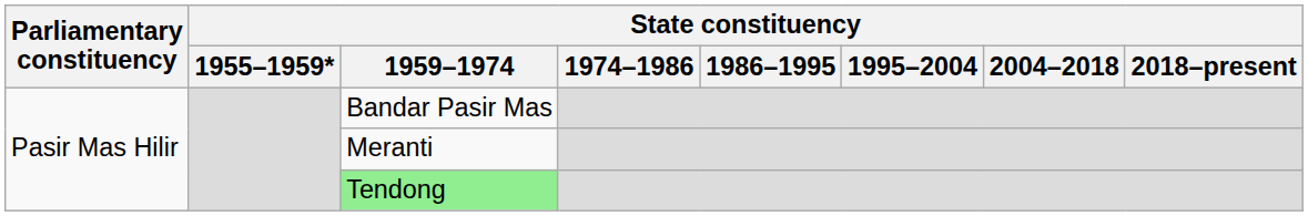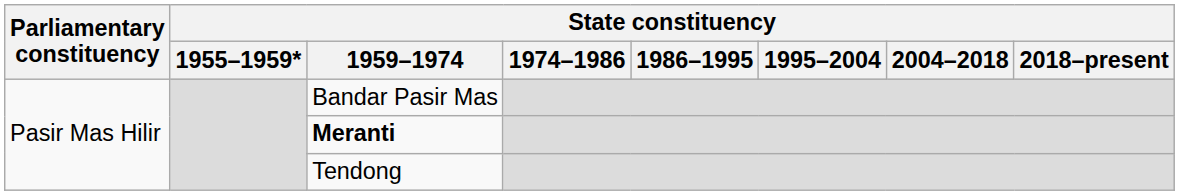 <table class="wikitable">
 <tr>
 <th rowspan="2">Parliamentary<br>constituency</th>
 <th colspan="7">State constituency</th>
 </tr>
 <tr>
 <th>1955–1959*</th>
 <th>1959–1974</th>
 <th>1974–1986</th>
 <th>1986–1995</th>
 <th>1995–2004</th>
 <th>2004–2018</th>
 <th>2018–present</th>
 </tr>
 <tr>
 <td rowspan="3">Pasir Mas Hilir</td>
 <td rowspan="3" bgcolor="dcdcdc"></td>
 <td>Bandar Pasir Mas</td>
 <td colspan="5" bgcolor="dcdcdc"></td>
 </tr>
 <tr>
-<td>Meranti</td>
+<td><strong>Meranti</strong></td>
 <td colspan="5" bgcolor="dcdcdc"></td>
 </tr>
 <tr>
-<td style="background: lightgreen;">Tendong</td>
+<td>Tendong</td>
 <td colspan="5" bgcolor="dcdcdc"></td>
 </tr>
 </table>
